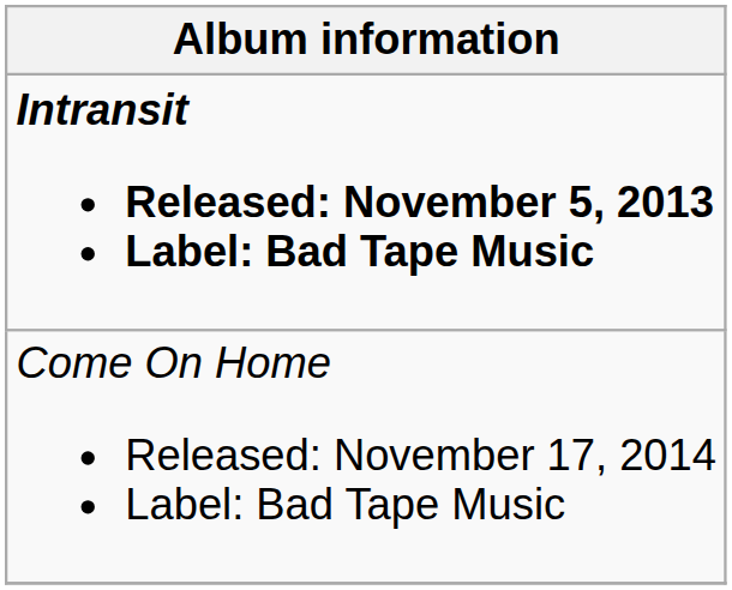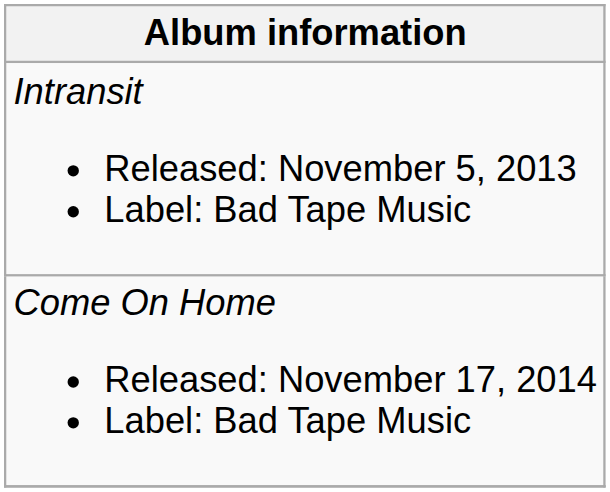 <table class="wikitable">
 <tr>
 <th align="left">Album information</th>
 </tr>
 <tr>
-<td><strong><em>Intransit</em><br><ul><li>Released: November 5, 2013</li><li>Label: Bad Tape Music</li></ul></strong></td>
+<td><em>Intransit</em><br><ul><li>Released: November 5, 2013</li><li>Label: Bad Tape Music</li></ul></td>
 </tr>
 <tr>
 <td><em>Come On Home</em><br><ul><li>Released: November 17, 2014</li><li>Label: Bad Tape Music</li></ul></td>
 </tr>
 <tr>
 </tr>
 </table>
